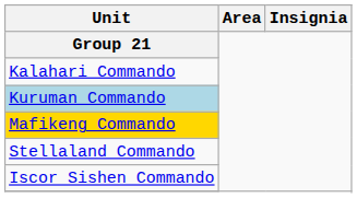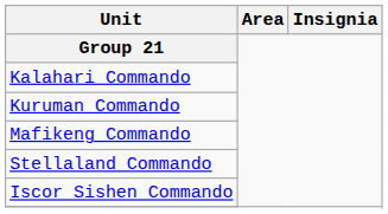 <table class="wikitable">
 <tr>
 <th>Unit</th>
 <th>Area</th>
 <th>Insignia</th>
 </tr>
 <tr>
 <th>Group 21</th>
 </tr>
 <tr>
 <td><a href='#'>Kalahari Commando</a></td>
 </tr>
 <tr>
-<td style="background: lightblue;"><a href='#'>Kuruman Commando</a></td>
+<td><a href='#'>Kuruman Commando</a></td>
 </tr>
 <tr>
-<td style="background: gold;"><a href='#'>Mafikeng Commando</a></td>
+<td><a href='#'>Mafikeng Commando</a></td>
 </tr>
 <tr>
 <td><a href='#'>Stellaland Commando</a></td>
 </tr>
 <tr>
 <td><a href='#'>Iscor Sishen Commando</a></td>
 </tr>
 <tr>
 </tr>
 </table>
